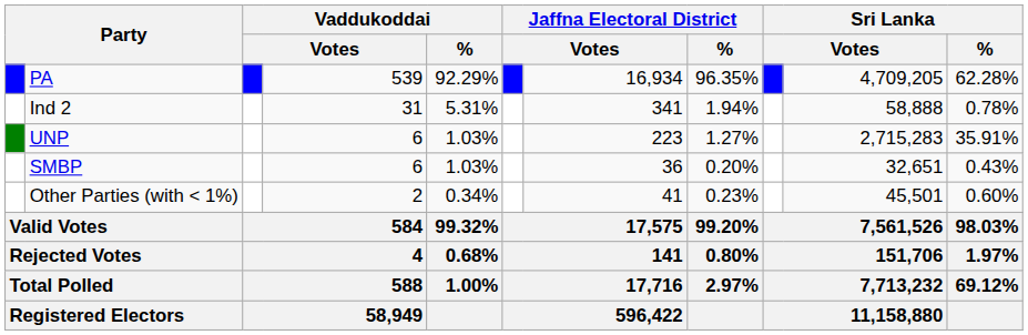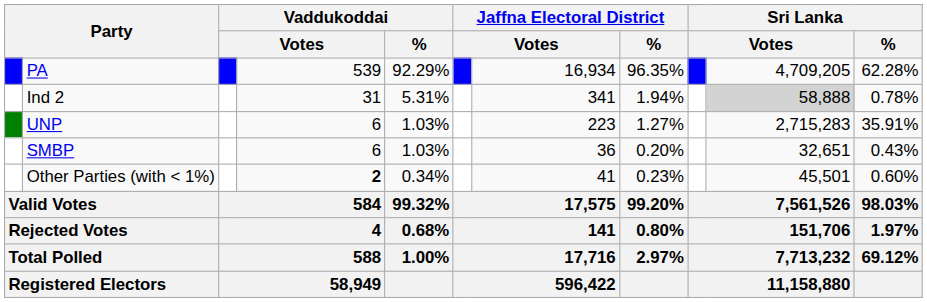 <table class="wikitable">
 <tr>
 <th colspan="2" width="144px"rowspan="2">Party</th>
 <th colspan="3" width="216px">Vaddukoddai</th>
 <th colspan="3" width="216px"><a href='#'>Jaffna Electoral District</a></th>
 <th colspan="3" width="216px">Sri Lanka</th>
 </tr>
 <tr>
 <th colspan="2" width="144px">Votes</th>
 <th>%</th>
 <th colspan="2" width="144px">Votes</th>
 <th>%</th>
 <th colspan="2" width="144px">Votes</th>
 <th>%</th>
 </tr>
 <tr>
 <td style="background-color:blue;" width="10px"></td>
 <td style="text-align:left;"><a href='#'>PA</a></td>
 <td style="background-color:blue;" width="10px"></td>
 <td style="text-align:right;">539</td>
 <td style="text-align:right;">92.29%</td>
 <td style="background-color:blue;" width="10px"></td>
 <td style="text-align:right;">16,934</td>
 <td style="text-align:right;">96.35%</td>
 <td style="background-color:blue;" width="10px"></td>
 <td style="text-align:right;">4,709,205</td>
 <td style="text-align:right;">62.28%</td>
 </tr>
 <tr>
 <td style="background-color:white;" width="10px"></td>
 <td style="text-align:left;">Ind 2</td>
 <td style="background-color:white;" width="10px"></td>
 <td style="text-align:right;">31</td>
 <td style="text-align:right;">5.31%</td>
 <td style="background-color:white;" width="10px"></td>
 <td style="text-align:right;">341</td>
 <td style="text-align:right;">1.94%</td>
 <td style="background-color:white;" width="10px"></td>
-<td style="text-align:right;">58,888</td>
+<td style="background: lightgrey; text-align:right;">58,888</td>
 <td style="text-align:right;">0.78%</td>
 </tr>
 <tr>
 <td style="background-color:green;" width="10px"></td>
 <td style="text-align:left;"><a href='#'>UNP</a></td>
 <td style="background-color:white;" width="10px"></td>
 <td style="text-align:right;">6</td>
 <td style="text-align:right;">1.03%</td>
 <td style="background-color:white;" width="10px"></td>
 <td style="text-align:right;">223</td>
 <td style="text-align:right;">1.27%</td>
 <td style="background-color:white;" width="10px"></td>
 <td style="text-align:right;">2,715,283</td>
 <td style="text-align:right;">35.91%</td>
 </tr>
 <tr>
 <td style="background-color:white;" width="10px"></td>
 <td style="text-align:left;"><a href='#'>SMBP</a></td>
 <td style="background-color:white;" width="10px"></td>
 <td style="text-align:right;">6</td>
 <td style="text-align:right;">1.03%</td>
 <td style="background-color:white;" width="10px"></td>
 <td style="text-align:right;">36</td>
 <td style="text-align:right;">0.20%</td>
 <td style="background-color:white;" width="10px"></td>
 <td style="text-align:right;">32,651</td>
 <td style="text-align:right;">0.43%</td>
 </tr>
 <tr>
 <td style="background-color:white;" width="10px"></td>
 <td style="text-align:left;">Other Parties (with < 1%)</td>
 <td style="background-color:white;" width="10px"></td>
-<td style="text-align:right;">2</td>
+<td style="text-align:right;"><strong>2</strong></td>
 <td style="text-align:right;">0.34%</td>
 <td style="background-color:white;" width="10px"></td>
 <td style="text-align:right;">41</td>
 <td style="text-align:right;">0.23%</td>
 <td style="background-color:white;" width="10px"></td>
 <td style="text-align:right;">45,501</td>
 <td style="text-align:right;">0.60%</td>
 </tr>
 <tr>
 <th colspan="2" width="144px"style="text-align:left;">Valid Votes</th>
 <th style="text-align:right;"colspan="2" width="144px">584</th>
 <th style="text-align:right;">99.32%</th>
 <th style="text-align:right;"colspan="2" width="144px">17,575</th>
 <th style="text-align:right;">99.20%</th>
 <th style="text-align:right;"colspan="2" width="144px">7,561,526</th>
 <th style="text-align:right;">98.03%</th>
 </tr>
 <tr>
 <th colspan="2" width="144px"style="text-align:left;">Rejected Votes</th>
 <th style="text-align:right;"colspan="2" width="144px">4</th>
 <th style="text-align:right;">0.68%</th>
 <th style="text-align:right;"colspan="2" width="144px">141</th>
 <th style="text-align:right;">0.80%</th>
 <th style="text-align:right;"colspan="2" width="144px">151,706</th>
 <th style="text-align:right;">1.97%</th>
 </tr>
 <tr>
 <th colspan="2" width="144px"style="text-align:left;">Total Polled</th>
 <th style="text-align:right;"colspan="2" width="144px">588</th>
 <th style="text-align:right;">1.00%</th>
 <th style="text-align:right;"colspan="2" width="144px">17,716</th>
 <th style="text-align:right;">2.97%</th>
 <th style="text-align:right;"colspan="2" width="144px">7,713,232</th>
 <th style="text-align:right;">69.12%</th>
 </tr>
 <tr>
 <th colspan="2" width="144px"style="text-align:left;">Registered Electors</th>
 <th style="text-align:right;"colspan="2" width="144px">58,949</th>
 <th></th>
 <th style="text-align:right;"colspan="2" width="144px">596,422</th>
 <th></th>
 <th style="text-align:right;"colspan="2" width="144px">11,158,880</th>
 <th></th>
 </tr>
 </table>
